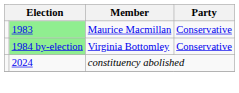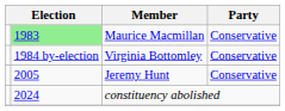 <table class="wikitable">
 <tr>
 <th colspan="2">Election</th>
 <th>Member</th>
 <th>Party</th>
 </tr>
 <tr>
 <td style="color:inherit;background-color: "></td>
 <td style="background: lightgreen;"><a href='#'>1983</a></td>
 <td><a href='#'>Maurice Macmillan</a></td>
 <td><a href='#'>Conservative</a></td>
 </tr>
 <tr>
 <td style="color:inherit;background-color: "></td>
-<td style="background: lightgreen;"><a href='#'>1984 by-election</a></td>
+<td><a href='#'>1984 by-election</a></td>
 <td><a href='#'>Virginia Bottomley</a></td>
+<td><a href='#'>Conservative</a></td>
+</tr>
+<tr>
+<td style="color:inherit;background-color: "></td>
+<td><a href='#'>2005</a></td>
+<td><a href='#'>Jeremy Hunt</a></td>
 <td><a href='#'>Conservative</a></td>
 </tr>
 <tr>
 <td></td>
 <td><a href='#'>2024</a></td>
 <td colspan="2"><em>constituency abolished</em></td>
 </tr>
 <tr>
 </tr>
 </table>
